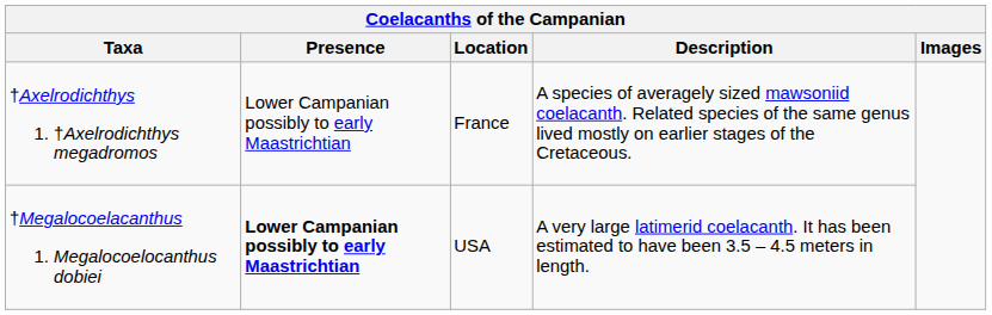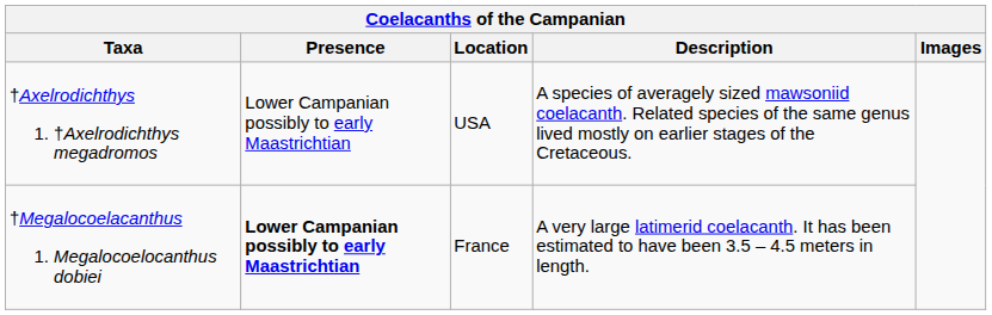 <table class="wikitable" align="center" width="100%">
 <tr>
 <th colspan="5" align="center"><a href='#'>Coelacanths</a> of the Campanian</th>
 </tr>
 <tr>
 <th>Taxa</th>
 <th>Presence</th>
 <th>Location</th>
 <th>Description</th>
 <th>Images</th>
 </tr>
 <tr>
 <td><br>†<em><a href='#'>Axelrodichthys</a></em><ol><li>†<em>Axelrodichthys megadromos</em></li></ol></td>
 <td>Lower Campanian possibly to <a href='#'>early Maastrichtian</a></td>
-<td>France</td>
+<td>USA</td>
 <td>A species of averagely sized <a href='#'>mawsoniid coelacanth</a>. Related species of the same genus lived mostly on earlier stages of the Cretaceous.</td>
 <td rowspan="99"><br></td>
 </tr>
 <tr>
 <td><br>†<em><a href='#'>Megalocoelacanthus</a></em><ol><li><em>Megalocoelocanthus dobiei</em></li></ol></td>
 <td><strong>Lower Campanian possibly to <a href='#'>early Maastrichtian</a></strong></td>
-<td>USA</td>
+<td>France</td>
 <td>A very large <a href='#'>latimerid coelacanth</a>. It has been estimated to have been 3.5 – 4.5 meters in length.</td>
 </tr>
 </table>
